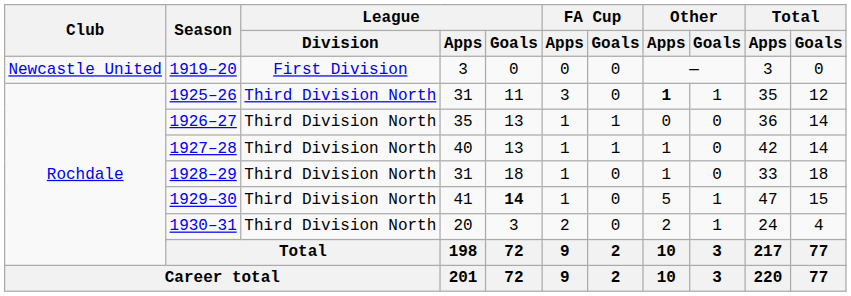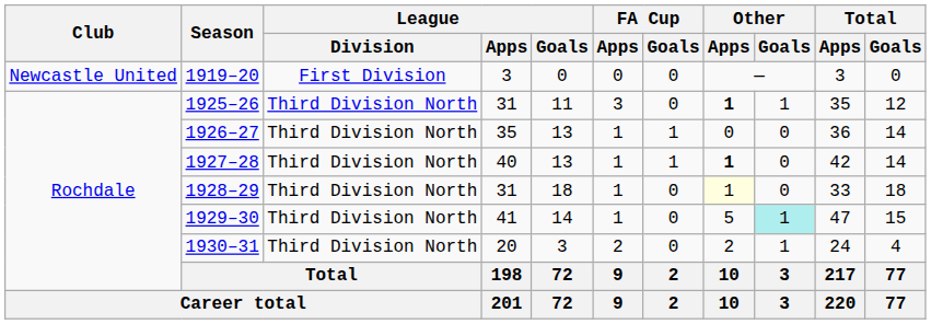 <table class="wikitable" style="text-align: center">
 <tr>
 <th rowspan="2">Club</th>
 <th rowspan="2">Season</th>
 <th colspan="3">League</th>
 <th colspan="2">FA Cup</th>
 <th colspan="2">Other</th>
 <th colspan="2">Total</th>
 </tr>
 <tr>
 <th>Division</th>
 <th>Apps</th>
 <th>Goals</th>
 <th>Apps</th>
 <th>Goals</th>
 <th>Apps</th>
 <th>Goals</th>
 <th>Apps</th>
 <th>Goals</th>
 </tr>
 <tr>
 <td><a href='#'>Newcastle United</a></td>
 <td><a href='#'>1919–20</a></td>
 <td><a href='#'>First Division</a></td>
 <td>3</td>
 <td>0</td>
 <td>0</td>
 <td>0</td>
 <td colspan="2">—</td>
 <td>3</td>
 <td>0</td>
 </tr>
 <tr>
 <td rowspan="7"><a href='#'>Rochdale</a></td>
 <td><a href='#'>1925–26</a></td>
 <td><a href='#'>Third Division North</a></td>
 <td>31</td>
 <td>11</td>
 <td>3</td>
 <td>0</td>
 <td><strong>1</strong></td>
 <td>1</td>
 <td>35</td>
 <td>12</td>
 </tr>
 <tr>
 <td><a href='#'>1926–27</a></td>
 <td>Third Division North</td>
 <td>35</td>
 <td>13</td>
 <td>1</td>
 <td>1</td>
 <td>0</td>
 <td>0</td>
 <td>36</td>
 <td>14</td>
 </tr>
 <tr>
 <td><a href='#'>1927–28</a></td>
 <td>Third Division North</td>
 <td>40</td>
 <td>13</td>
 <td>1</td>
 <td>1</td>
-<td>1</td>
+<td><strong>1</strong></td>
 <td>0</td>
 <td>42</td>
 <td>14</td>
 </tr>
 <tr>
 <td><a href='#'>1928–29</a></td>
 <td>Third Division North</td>
 <td>31</td>
 <td>18</td>
 <td>1</td>
 <td>0</td>
-<td>1</td>
+<td style="background: lightyellow;">1</td>
 <td>0</td>
 <td>33</td>
 <td>18</td>
 </tr>
 <tr>
 <td><a href='#'>1929–30</a></td>
 <td>Third Division North</td>
 <td>41</td>
-<td><strong>14</strong></td>
+<td>14</td>
 <td>1</td>
 <td>0</td>
 <td>5</td>
-<td>1</td>
+<td style="background: paleturquoise;">1</td>
 <td>47</td>
 <td>15</td>
 </tr>
 <tr>
 <td><a href='#'>1930–31</a></td>
 <td>Third Division North</td>
 <td>20</td>
 <td>3</td>
 <td>2</td>
 <td>0</td>
 <td>2</td>
 <td>1</td>
 <td>24</td>
 <td>4</td>
 </tr>
 <tr>
 <th colspan="2">Total</th>
 <th>198</th>
 <th>72</th>
 <th>9</th>
 <th>2</th>
 <th>10</th>
 <th>3</th>
 <th>217</th>
 <th>77</th>
 </tr>
 <tr>
 <th colspan="3">Career total</th>
 <th>201</th>
 <th>72</th>
 <th>9</th>
 <th>2</th>
 <th>10</th>
 <th>3</th>
 <th>220</th>
 <th>77</th>
 </tr>
 </table>
